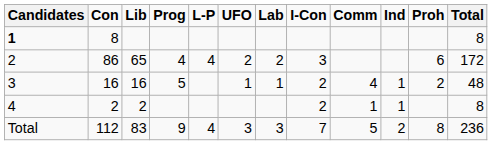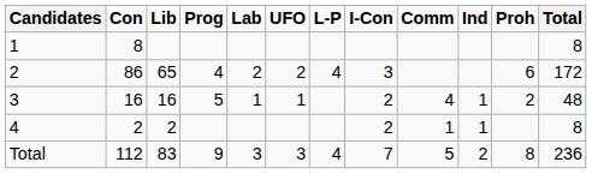 <table class="wikitable" style="text-align:right;">
 <tr>
 <th>Candidates</th>
 <td><strong>Con</strong></td>
 <td><strong>Lib</strong></td>
 <td><strong>Prog</strong></td>
+<td><strong>Lab</strong></td>
+<td><strong>UFO</strong></td>
 <td><strong>L-P</strong></td>
-<td><strong>UFO</strong></td>
-<td><strong>Lab</strong></td>
 <td><strong>I-Con</strong></td>
 <td><strong>Comm</strong></td>
 <td><strong>Ind</strong></td>
 <td><strong>Proh</strong></td>
 <th>Total</th>
 </tr>
 <tr>
-<td style="text-align:left;"><strong>1</strong></td>
+<td style="text-align:left;">1</td>
 <td>8</td>
 <td></td>
 <td></td>
 <td></td>
 <td></td>
 <td></td>
 <td></td>
 <td></td>
 <td></td>
 <td></td>
 <td>8</td>
 </tr>
 <tr>
 <td style="text-align:left;">2</td>
 <td>86</td>
 <td>65</td>
 <td>4</td>
-<td>4</td>
 <td>2</td>
 <td>2</td>
+<td>4</td>
 <td>3</td>
 <td></td>
 <td></td>
 <td>6</td>
 <td>172</td>
 </tr>
 <tr>
 <td style="text-align:left;">3</td>
 <td>16</td>
 <td>16</td>
 <td>5</td>
-<td></td>
 <td>1</td>
 <td>1</td>
+<td></td>
 <td>2</td>
 <td>4</td>
 <td>1</td>
 <td>2</td>
 <td>48</td>
 </tr>
 <tr>
 <td style="text-align:left;">4</td>
 <td>2</td>
 <td>2</td>
 <td></td>
 <td></td>
 <td></td>
 <td></td>
 <td>2</td>
 <td>1</td>
 <td>1</td>
 <td></td>
 <td>8</td>
 </tr>
 <tr>
 <td style="text-align:left;">Total</td>
 <td>112</td>
 <td>83</td>
 <td>9</td>
-<td>4</td>
 <td>3</td>
 <td>3</td>
+<td>4</td>
 <td>7</td>
 <td>5</td>
 <td>2</td>
 <td>8</td>
 <td>236</td>
 </tr>
 </table>
